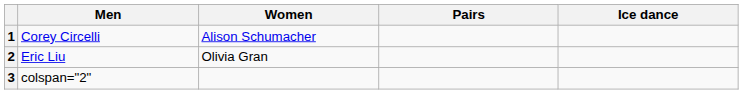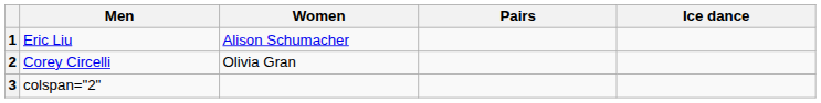 <table class="wikitable unsortable" style="text-align:left; width:70%">
 <tr>
 <th scope="col"></th>
 <th scope="col" style="width:25%">Men</th>
 <th scope="col" style="width:25%">Women</th>
 <th scope="col" style="width:25%">Pairs</th>
 <th scope="col" style="width:25%">Ice dance</th>
 </tr>
 <tr>
 <th scope="row">1</th>
-<td><a href='#'>Corey Circelli</a></td>
+<td><a href='#'>Eric Liu</a></td>
 <td><a href='#'>Alison Schumacher</a></td>
 <td></td>
 <td></td>
 </tr>
 <tr>
 <th scope="row">2</th>
-<td><a href='#'>Eric Liu</a></td>
+<td><a href='#'>Corey Circelli</a></td>
 <td>Olivia Gran</td>
 <td></td>
 <td></td>
 </tr>
 <tr>
 <th scope="row">3</th>
 <td>colspan="2" </td>
 <td></td>
 <td></td>
 </tr>
 </table>
